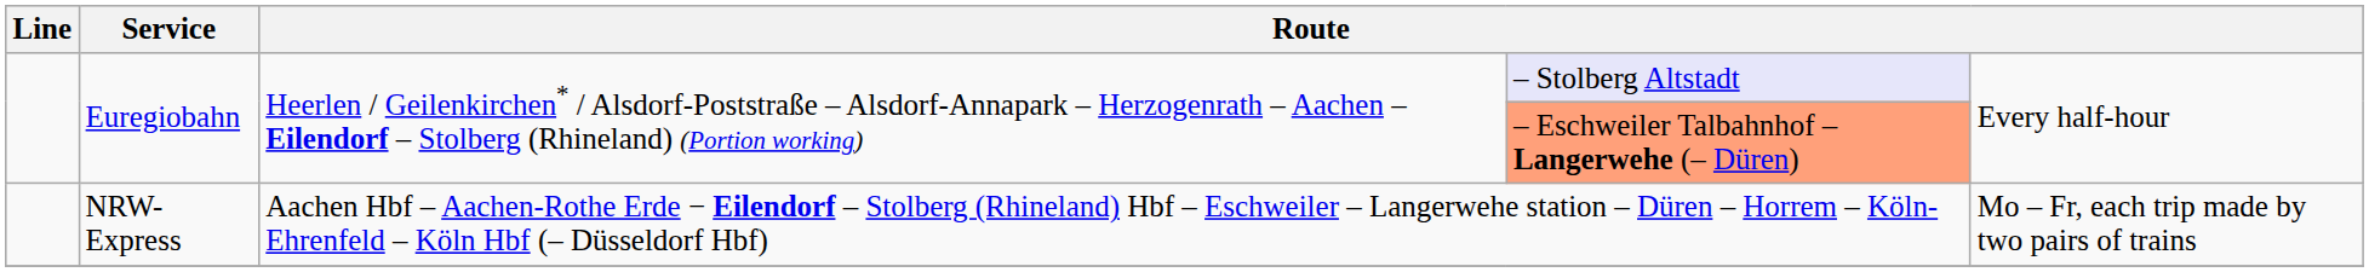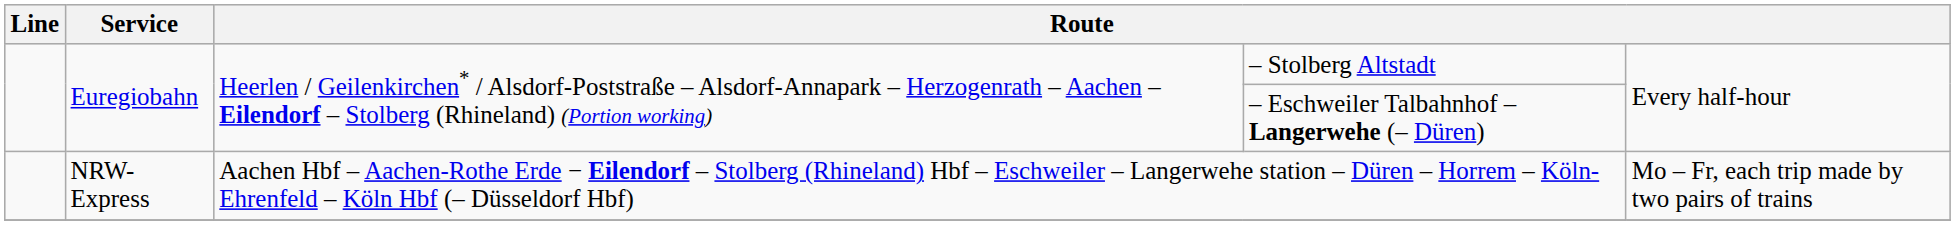 <table class="wikitable">
 <tr class="hintergrundfarbe5">
 <th>Line</th>
 <th>Service</th>
 <th colspan="3">Route</th>
 </tr>
 <tr>
 <td rowspan="2"></td>
 <td rowspan="2"><a href='#'>Euregiobahn</a></td>
 <td rowspan="2"><a href='#'>Heerlen</a> / <a href='#'>Geilenkirchen</a><sup>*</sup> / Alsdorf-Poststraße – Alsdorf-Annapark – <a href='#'>Herzogenrath</a> – <a href='#'>Aachen</a> – <strong><a href='#'>Eilendorf</a></strong> – <a href='#'>Stolberg</a> (Rhineland) <small><em>(<a href='#'>Portion working</a>)</em></small></td>
-<td style="background: lavender;">– Stolberg <a href='#'>Altstadt</a></td>
+<td>– Stolberg <a href='#'>Altstadt</a></td>
 <td rowspan="2">Every half-hour</td>
 </tr>
 <tr>
-<td style="background: lightsalmon;">– Eschweiler Talbahnhof – <strong>Langerwehe</strong> (– <a href='#'>Düren</a>)</td>
+<td>– Eschweiler Talbahnhof – <strong>Langerwehe</strong> (– <a href='#'>Düren</a>)</td>
 </tr>
 <tr>
 <td></td>
 <td>NRW-Express</td>
 <td colspan="2">Aachen Hbf – <a href='#'>Aachen-Rothe Erde</a> − <strong><a href='#'>Eilendorf</a> </strong>– <a href='#'>Stolberg (Rhineland)</a> Hbf – <a href='#'>Eschweiler</a> – Langerwehe station – <a href='#'>Düren</a> – <a href='#'>Horrem</a> – <a href='#'>Köln-Ehrenfeld</a> – <a href='#'>Köln Hbf</a> (– Düsseldorf Hbf)</td>
 <td>Mo – Fr, each trip made by two pairs of trains</td>
 </tr>
 <tr>
 </tr>
 </table>
